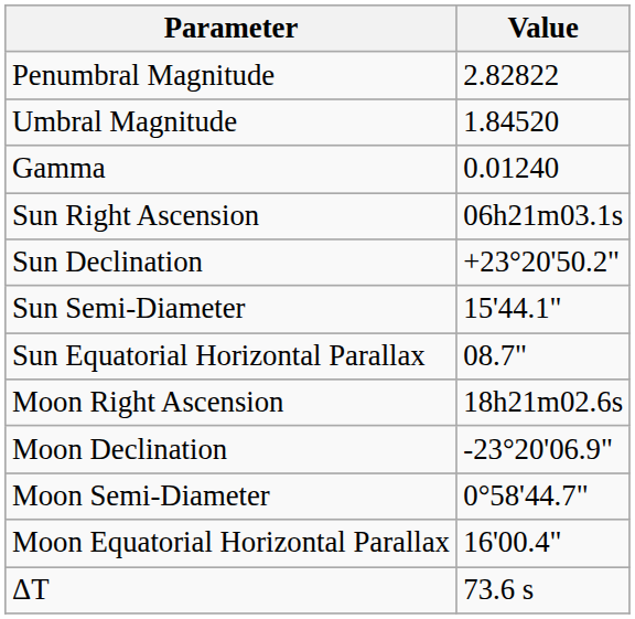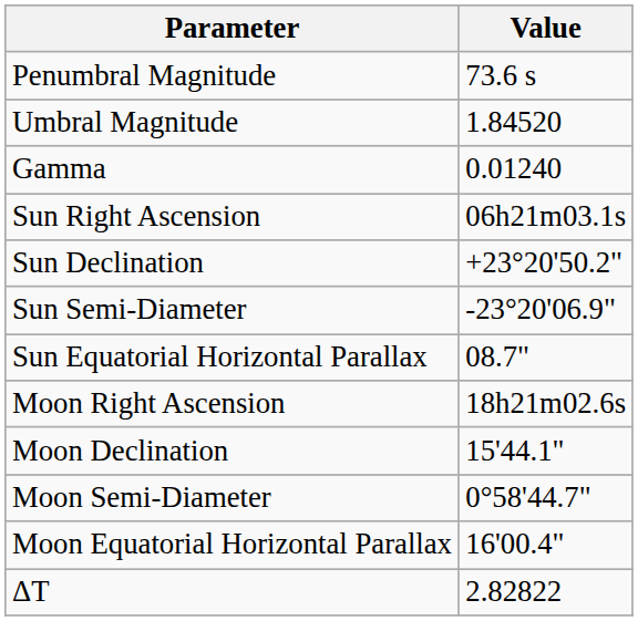 <table class="wikitable">
 <tr>
 <th>Parameter</th>
 <th>Value</th>
 </tr>
 <tr>
 <td>Penumbral Magnitude</td>
-<td>2.82822</td>
+<td>73.6 s</td>
 </tr>
 <tr>
 <td>Umbral Magnitude</td>
 <td>1.84520</td>
 </tr>
 <tr>
 <td>Gamma</td>
 <td>0.01240</td>
 </tr>
 <tr>
 <td>Sun Right Ascension</td>
 <td>06h21m03.1s</td>
 </tr>
 <tr>
 <td>Sun Declination</td>
 <td>+23°20'50.2"</td>
 </tr>
 <tr>
 <td>Sun Semi-Diameter</td>
-<td>15'44.1"</td>
+<td>-23°20'06.9"</td>
 </tr>
 <tr>
 <td>Sun Equatorial Horizontal Parallax</td>
 <td>08.7"</td>
 </tr>
 <tr>
 <td>Moon Right Ascension</td>
 <td>18h21m02.6s</td>
 </tr>
 <tr>
 <td>Moon Declination</td>
-<td>-23°20'06.9"</td>
+<td>15'44.1"</td>
 </tr>
 <tr>
 <td>Moon Semi-Diameter</td>
 <td>0°58'44.7"</td>
 </tr>
 <tr>
 <td>Moon Equatorial Horizontal Parallax</td>
 <td>16'00.4"</td>
 </tr>
 <tr>
 <td>ΔT</td>
-<td>73.6 s</td>
+<td>2.82822</td>
 </tr>
 </table>
